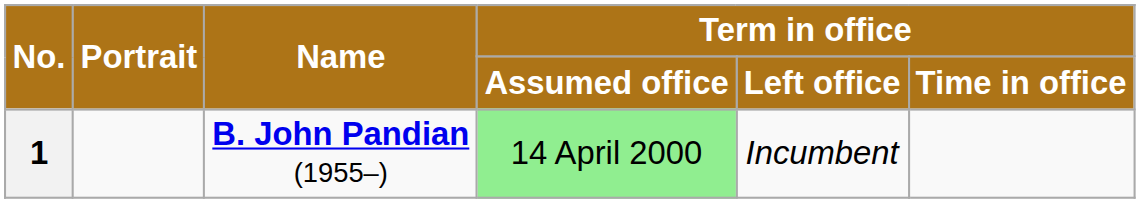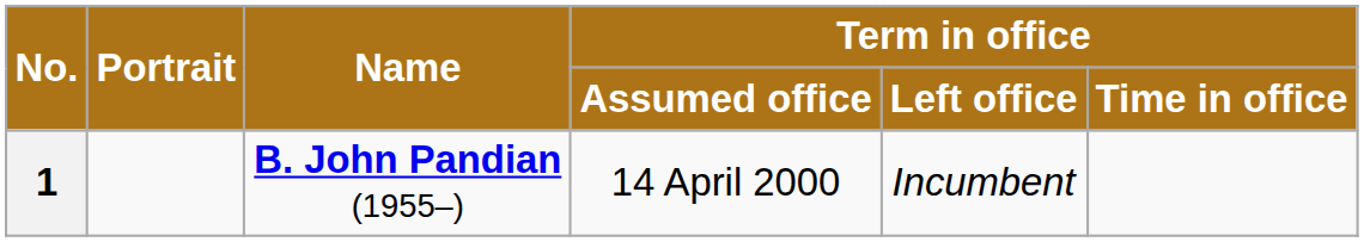 <table class="wikitable sortable" style="text-align:center;">
 <tr>
 <th rowspan=2 style="background-color:#ad7417;color:white">No.</th>
 <th rowspan=2 style="background-color:#ad7417;color:white">Portrait</th>
 <th rowspan=2 style="background-color:#ad7417;color:white">Name<br></th>
 <th colspan=3 style="background-color:#ad7417;color:white">Term in office</th>
 </tr>
 <tr>
 <th style="background-color:#ad7417;color:white">Assumed office</th>
 <th style="background-color:#ad7417;color:white">Left office</th>
 <th style="background-color:#ad7417;color:white">Time in office</th>
 </tr>
 <tr>
 <th>1</th>
 <td></td>
 <td><strong><a href='#'>B. John Pandian</a></strong><br><small>(1955–)</small></td>
-<td style="background: lightgreen;">14 April 2000</td>
+<td>14 April 2000</td>
 <td><em>Incumbent</em></td>
 <td></td>
 </tr>
 </table>
